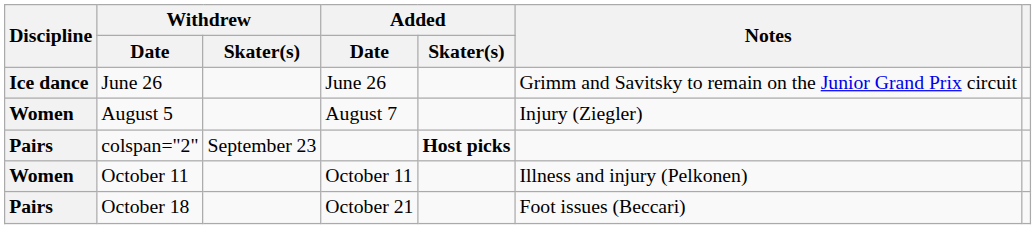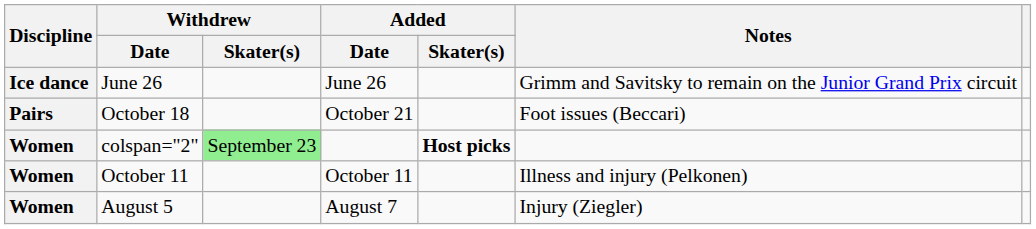 <table class="wikitable unsortable">
 <tr>
 <th scope="col" rowspan=2>Discipline</th>
 <th scope="col" colspan=2>Withdrew</th>
 <th scope="col" colspan=2>Added</th>
 <th scope="col" rowspan=2>Notes</th>
 <th scope="col" rowspan=2></th>
 </tr>
 <tr>
 <th>Date</th>
 <th>Skater(s)</th>
 <th>Date</th>
 <th>Skater(s)</th>
 </tr>
 <tr>
 <th scope="row" style="text-align:left">Ice dance</th>
 <td>June 26</td>
 <td></td>
 <td>June 26</td>
 <td></td>
 <td>Grimm and Savitsky to remain on the <a href='#'>Junior Grand Prix</a> circuit</td>
 <td></td>
 </tr>
 <tr>
-<th scope="row" style="text-align:left">Women</th>
-<td>August 5</td>
+<th scope="row" style="text-align:left">Pairs</th>
+<td>October 18</td>
 <td></td>
-<td>August 7</td>
+<td>October 21</td>
 <td></td>
-<td>Injury (Ziegler)</td>
+<td>Foot issues (Beccari)</td>
 <td></td>
 </tr>
 <tr>
-<th scope="row" style="text-align:left">Pairs</th>
+<th scope="row" style="text-align:left">Women</th>
 <td>colspan="2" </td>
-<td>September 23</td>
+<td style="background: lightgreen;">September 23</td>
 <td></td>
 <td><strong>Host picks</strong></td>
 <td></td>
 </tr>
 <tr>
 <th scope="row" style="text-align:left">Women</th>
 <td>October 11</td>
 <td></td>
 <td>October 11</td>
 <td></td>
 <td>Illness and injury (Pelkonen)</td>
 <td></td>
 </tr>
 <tr>
-<th scope="row" style="text-align:left">Pairs</th>
-<td>October 18</td>
+<th scope="row" style="text-align:left">Women</th>
+<td>August 5</td>
 <td></td>
-<td>October 21</td>
+<td>August 7</td>
 <td></td>
-<td>Foot issues (Beccari)</td>
+<td>Injury (Ziegler)</td>
 <td></td>
 </tr>
 </table>
